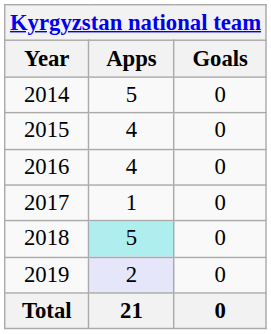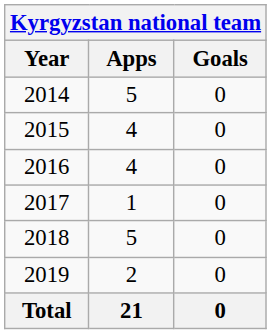 <table class="wikitable" style="text-align:center">
 <tr>
 <th colspan=3><a href='#'>Kyrgyzstan national team</a></th>
 </tr>
 <tr>
 <th>Year</th>
 <th>Apps</th>
 <th>Goals</th>
 </tr>
 <tr>
 <td>2014</td>
 <td>5</td>
 <td>0</td>
 </tr>
 <tr>
 <td>2015</td>
 <td>4</td>
 <td>0</td>
 </tr>
 <tr>
 <td>2016</td>
 <td>4</td>
 <td>0</td>
 </tr>
 <tr>
 <td>2017</td>
 <td>1</td>
 <td>0</td>
 </tr>
 <tr>
 <td>2018</td>
-<td style="background: paleturquoise;">5</td>
+<td>5</td>
 <td>0</td>
 </tr>
 <tr>
 <td>2019</td>
-<td style="background: lavender;">2</td>
+<td>2</td>
 <td>0</td>
 </tr>
 <tr>
 <th>Total</th>
 <th>21</th>
 <th>0</th>
 </tr>
 </table>
